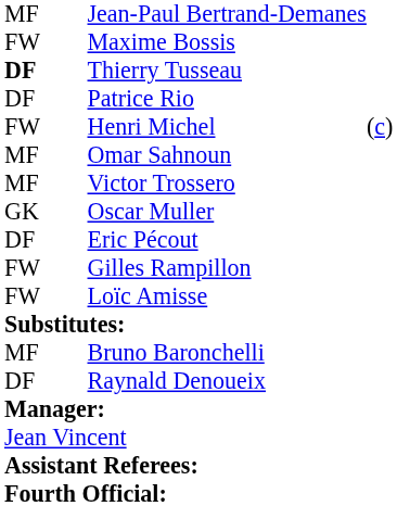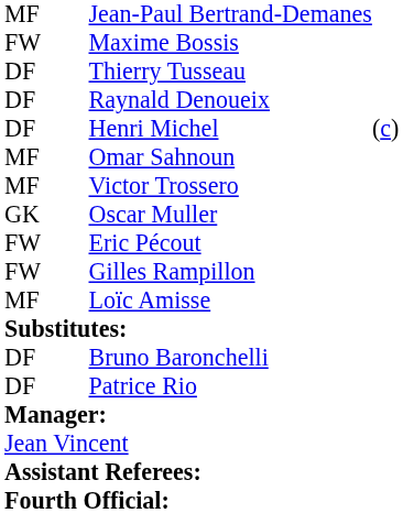 <table style=font-size:90% cellspacing=0 cellpadding=0>
 <tr>
 <td colspan=4></td>
 </tr>
 <tr>
 <th width=25></th>
 <th width=25></th>
 </tr>
 <tr>
 <td>MF</td>
 <td><strong> </strong></td>
 <td> <a href='#'>Jean-Paul Bertrand-Demanes</a></td>
 </tr>
 <tr>
 <td>FW</td>
 <td><strong> </strong></td>
 <td> <a href='#'>Maxime Bossis</a></td>
 </tr>
 <tr>
-<td><strong>DF</strong></td>
+<td>DF</td>
 <td><strong> </strong></td>
 <td> <a href='#'>Thierry Tusseau</a></td>
 </tr>
 <tr>
 <td>DF</td>
 <td><strong> </strong></td>
-<td> <a href='#'>Patrice Rio</a></td>
+<td> <a href='#'>Raynald Denoueix</a></td>
 <td></td>
 <td></td>
 </tr>
 <tr>
-<td>FW</td>
+<td>DF</td>
 <td><strong> </strong></td>
 <td> <a href='#'>Henri Michel</a></td>
 <td>(<a href='#'>c</a>)</td>
 </tr>
 <tr>
 <td>MF</td>
 <td><strong> </strong></td>
 <td> <a href='#'>Omar Sahnoun</a></td>
 </tr>
 <tr>
 <td>MF</td>
 <td><strong> </strong></td>
 <td> <a href='#'>Victor Trossero</a></td>
 <td></td>
 <td></td>
 </tr>
 <tr>
 <td>GK</td>
 <td><strong> </strong></td>
 <td> <a href='#'>Oscar Muller</a></td>
 </tr>
 <tr>
-<td>DF</td>
+<td>FW</td>
 <td><strong> </strong></td>
 <td> <a href='#'>Eric Pécout</a></td>
 </tr>
 <tr>
 <td>FW</td>
 <td><strong> </strong></td>
 <td> <a href='#'>Gilles Rampillon</a></td>
 </tr>
 <tr>
-<td>FW</td>
+<td>MF</td>
 <td><strong> </strong></td>
 <td> <a href='#'>Loïc Amisse</a></td>
 </tr>
 <tr>
 <td colspan=3><strong>Substitutes:</strong></td>
 </tr>
 <tr>
-<td>MF</td>
+<td>DF</td>
 <td><strong> </strong></td>
 <td> <a href='#'>Bruno Baronchelli</a></td>
 <td></td>
 <td></td>
 </tr>
 <tr>
 <td>DF</td>
 <td><strong> </strong></td>
-<td> <a href='#'>Raynald Denoueix</a></td>
+<td> <a href='#'>Patrice Rio</a></td>
 <td></td>
 <td></td>
 </tr>
 <tr>
 <td colspan=3><strong>Manager:</strong></td>
 </tr>
 <tr>
 <td colspan=4> <a href='#'>Jean Vincent</a><br><strong>Assistant Referees:</strong><br> <strong>Fourth Official:</strong><br></td>
 </tr>
 </table>
